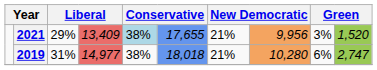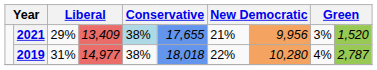 <table class="wikitable" style="float:right; width:400; font-size:90%; margin-left:1em;">
 <tr>
 <th colspan="2" scope="col">Year</th>
 <th colspan="2" scope="col"><a href='#'>Liberal</a></th>
 <th colspan="2" scope="col"><a href='#'>Conservative</a></th>
 <th colspan="2" scope="col"><a href='#'>New Democratic</a></th>
 <th colspan="2" scope="col"><a href='#'>Green</a></th>
 </tr>
 <tr>
 <td rowspan="2" style="width: 0.25em; background-color: "></td>
 <th><a href='#'>2021</a></th>
 <td>29%</td>
 <td style="text-align:right; background:#EA6D6A;"><em>13,409</em></td>
 <td style="background: lightblue;">38%</td>
 <td style="text-align:right; background:#6495ED;"><em>17,655</em></td>
 <td>21%</td>
 <td style="text-align:right; background:#F4A460;"><em>9,956</em></td>
 <td>3%</td>
 <td style="text-align:right; background:#99C955;"><em>1,520</em></td>
 </tr>
 <tr>
 <th><a href='#'>2019</a></th>
 <td>31%</td>
 <td style="text-align:right; background:#EA6D6A;"><em>14,977</em></td>
 <td>38%</td>
 <td style="text-align:right; background:#6495ED;"><em>18,018</em></td>
-<td>21%</td>
+<td>22%</td>
 <td style="text-align:right; background:#F4A460;"><em>10,280</em></td>
-<td>6%</td>
-<td style="text-align:right; background:#99C955;"><em>2,747</em></td>
+<td>4%</td>
+<td style="text-align:right; background:#99C955;"><em>2,787</em></td>
 </tr>
 <tr>
 </tr>
 </table>
